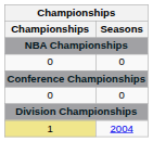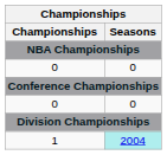 <table class="wikitable sortable" style="text-align:center">
 <tr>
 <th colspan="5">Championships</th>
 </tr>
 <tr>
 <th>Championships</th>
 <th>Seasons</th>
 </tr>
 <tr>
 <th colspan="5" style="text-align:center; background:#A1A1A4; color:#061922;">NBA Championships</th>
 </tr>
 <tr>
 <td>0</td>
 <td>0</td>
 </tr>
 <tr>
 <th colspan="5" style="text-align:center; background:#A1A1A4; color:#061922;">Conference Championships</th>
 </tr>
 <tr>
 <td>0</td>
 <td>0</td>
 </tr>
 <tr>
 <th colspan="5" style="text-align:center; background:#A1A1A4; color:#061922;">Division Championships</th>
 </tr>
 <tr>
-<td style="background: khaki;">1</td>
-<td><a href='#'>2004</a></td>
+<td>1</td>
+<td style="background: paleturquoise;"><a href='#'>2004</a></td>
 </tr>
 </table>
